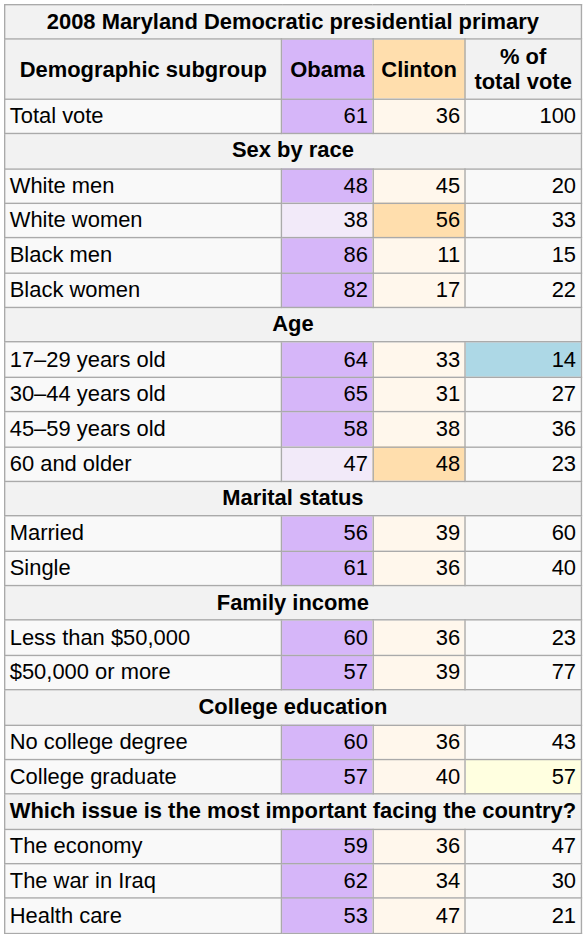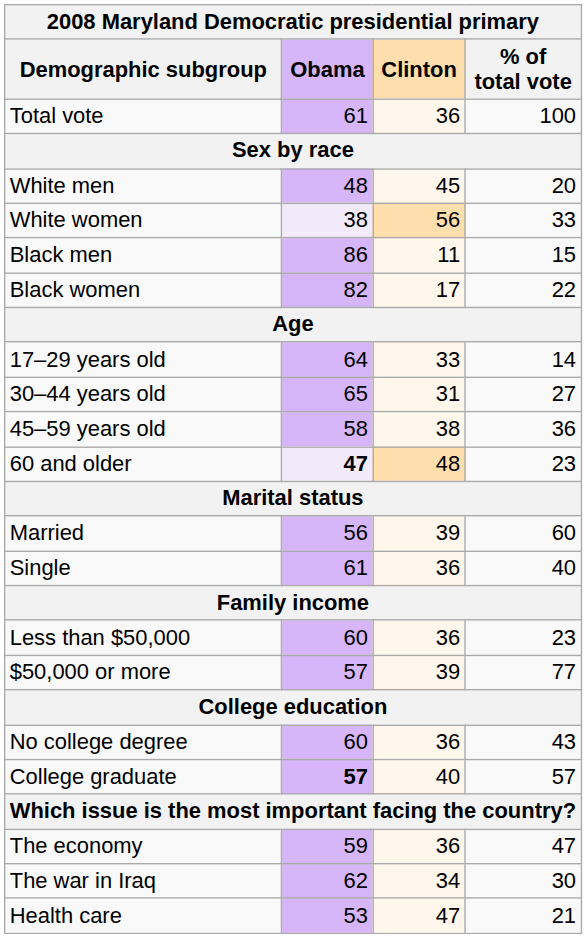 <table class="wikitable">
 <tr>
 <th colspan="8">2008 Maryland Democratic presidential primary</th>
 </tr>
 <tr>
 <th>Demographic subgroup</th>
 <th style="background:#d6b6f9;">Obama</th>
 <th style="background:#ffdead;">Clinton</th>
 <th>% of<br>total vote</th>
 </tr>
 <tr>
 <td>Total vote</td>
 <td style="text-align:right; background:#d6b6f9;">61</td>
 <td style="text-align:right; background:#fff7ec;">36</td>
 <td style="text-align:right;">100</td>
 </tr>
 <tr>
 <th colspan="4">Sex by race</th>
 </tr>
 <tr>
 <td>White men</td>
 <td style="text-align:right; background:#d6b6f9;">48</td>
 <td style="text-align:right; background:#fff7ec;">45</td>
 <td style="text-align:right;">20</td>
 </tr>
 <tr>
 <td>White women</td>
 <td style="text-align:right; background:#f2eaf9;">38</td>
 <td style="text-align:right; background:#ffdead;">56</td>
 <td style="text-align: right;">33</td>
 </tr>
 <tr>
 <td>Black men</td>
 <td style="text-align:right; background:#d6b6f9;">86</td>
 <td style="text-align:right; background:#fff7ec;">11</td>
 <td style="text-align:right;">15</td>
 </tr>
 <tr>
 <td>Black women</td>
 <td style="text-align:right; background:#d6b6f9;">82</td>
 <td style="text-align:right; background:#fff7ec;">17</td>
 <td style="text-align:right;">22</td>
 </tr>
 <tr>
 <th colspan="4">Age</th>
 </tr>
 <tr>
 <td>17–29 years old</td>
 <td style="text-align:right; background:#d6b6f9;">64</td>
 <td style="text-align:right; background:#fff7ec;">33</td>
-<td style="background: lightblue; text-align:right;">14</td>
+<td style="text-align:right;">14</td>
 </tr>
 <tr>
 <td>30–44 years old</td>
 <td style="text-align:right; background:#d6b6f9;">65</td>
 <td style="text-align:right; background:#fff7ec;">31</td>
 <td style="text-align:right;">27</td>
 </tr>
 <tr>
 <td>45–59 years old</td>
 <td style="text-align:right; background:#d6b6f9;">58</td>
 <td style="text-align:right; background:#fff7ec;">38</td>
 <td style="text-align:right;">36</td>
 </tr>
 <tr>
 <td>60 and older</td>
-<td style="text-align:right; background:#f2eaf9;">47</td>
+<td style="text-align:right; background:#f2eaf9;"><strong>47</strong></td>
 <td style="text-align:right; background:#ffdead;">48</td>
 <td style="text-align: right;">23</td>
 </tr>
 <tr>
 <th colspan="4">Marital status</th>
 </tr>
 <tr>
 <td>Married</td>
 <td style="text-align:right; background:#d6b6f9;">56</td>
 <td style="text-align:right; background:#fff7ec;">39</td>
 <td style="text-align:right;">60</td>
 </tr>
 <tr>
 <td>Single</td>
 <td style="text-align:right; background:#d6b6f9;">61</td>
 <td style="text-align:right; background:#fff7ec;">36</td>
 <td style="text-align:right;">40</td>
 </tr>
 <tr>
 <th colspan="4">Family income</th>
 </tr>
 <tr>
 <td>Less than $50,000</td>
 <td style="text-align:right; background:#d6b6f9;">60</td>
 <td style="text-align:right; background:#fff7ec;">36</td>
 <td style="text-align:right;">23</td>
 </tr>
 <tr>
 <td>$50,000 or more</td>
 <td style="text-align:right; background:#d6b6f9;">57</td>
 <td style="text-align:right; background:#fff7ec;">39</td>
 <td style="text-align:right;">77</td>
 </tr>
 <tr>
 <th colspan="4">College education</th>
 </tr>
 <tr>
 <td>No college degree</td>
 <td style="text-align:right; background:#d6b6f9;">60</td>
 <td style="text-align:right; background:#fff7ec;">36</td>
 <td style="text-align:right;">43</td>
 </tr>
 <tr>
 <td>College graduate</td>
-<td style="text-align:right; background:#d6b6f9;">57</td>
+<td style="text-align:right; background:#d6b6f9;"><strong>57</strong></td>
 <td style="text-align:right; background:#fff7ec;">40</td>
-<td style="background: lightyellow; text-align:right;">57</td>
+<td style="text-align:right;">57</td>
 </tr>
 <tr>
 <th colspan="4">Which issue is the most important facing the country?</th>
 </tr>
 <tr>
 <td>The economy</td>
 <td style="text-align:right; background:#d6b6f9;">59</td>
 <td style="text-align:right; background:#fff7ec;">36</td>
 <td style="text-align:right;">47</td>
 </tr>
 <tr>
 <td>The war in Iraq</td>
 <td style="text-align:right; background:#d6b6f9;">62</td>
 <td style="text-align:right; background:#fff7ec;">34</td>
 <td style="text-align:right;">30</td>
 </tr>
 <tr>
 <td>Health care</td>
 <td style="text-align:right; background:#d6b6f9;">53</td>
 <td style="text-align:right; background:#fff7ec;">47</td>
 <td style="text-align:right;">21</td>
 </tr>
 </table>
